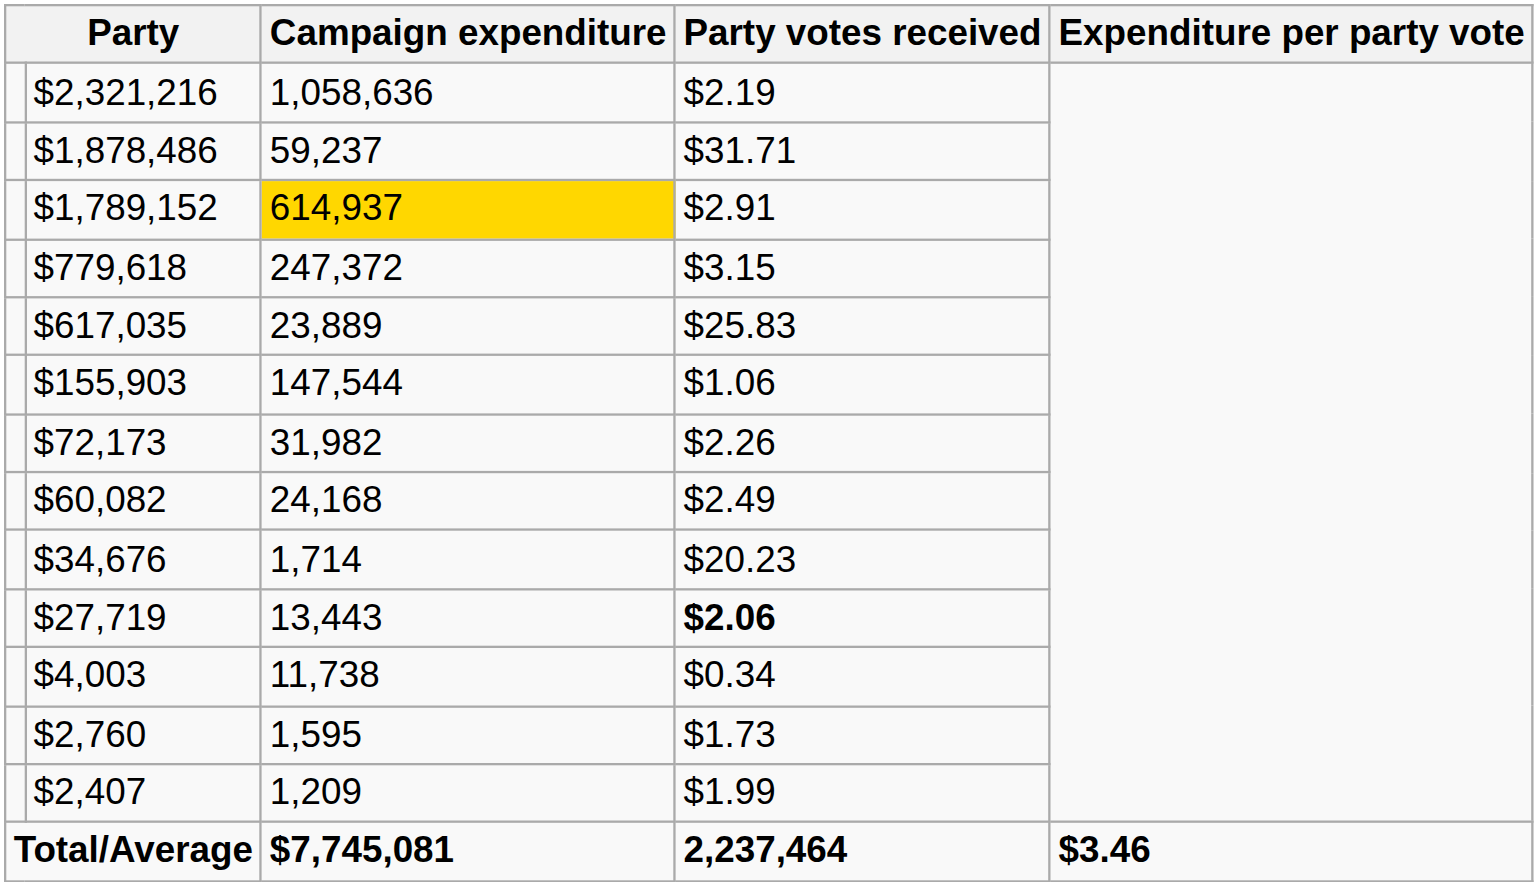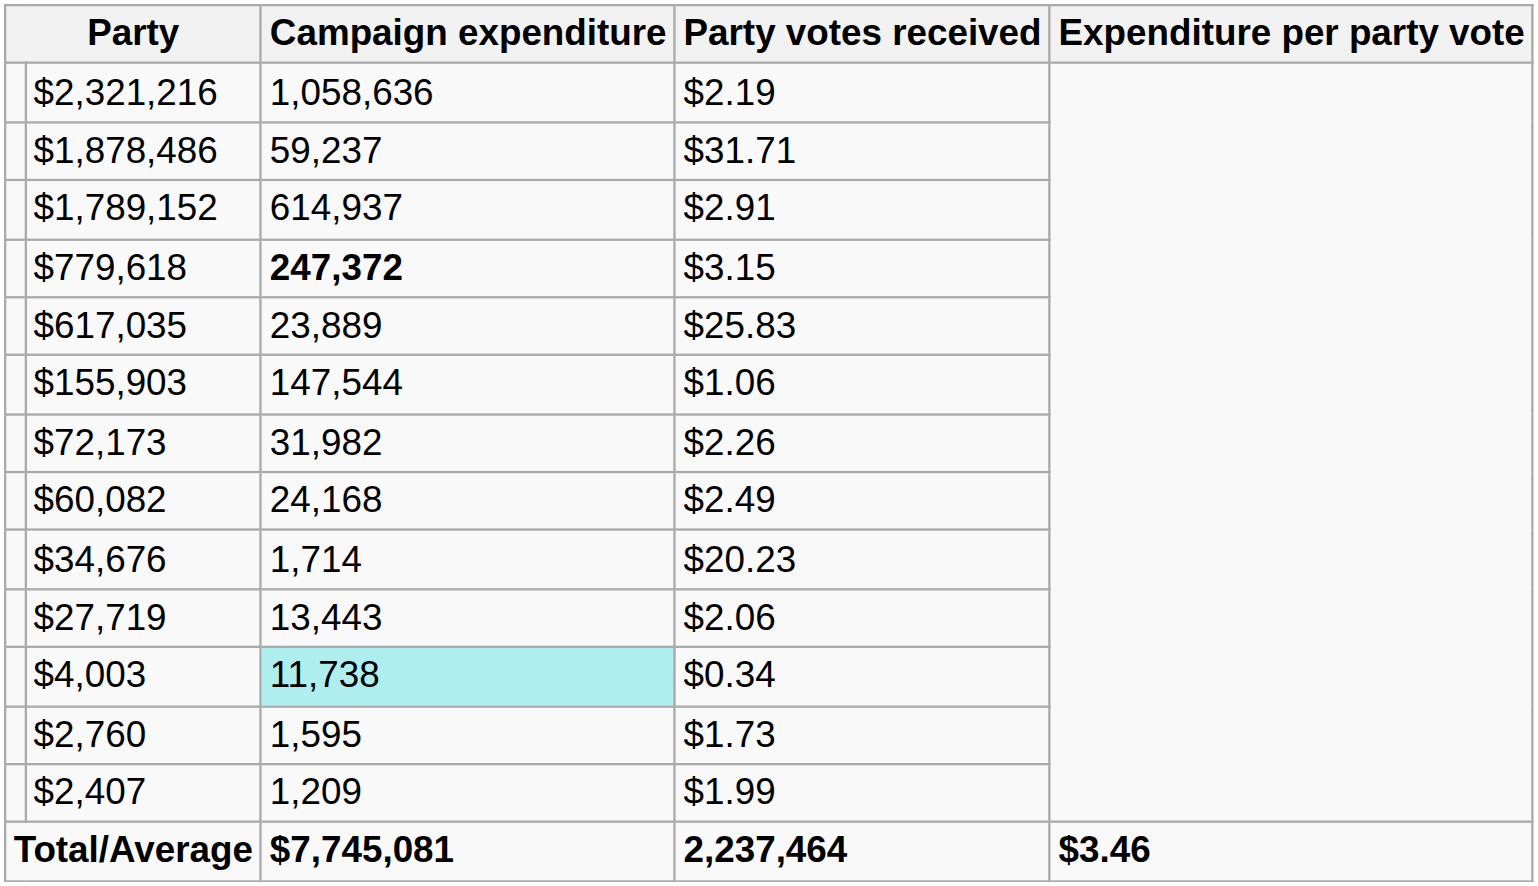 <table class="wikitable">
 <tr>
 <th colspan=2>Party</th>
 <th>Campaign expenditure</th>
 <th>Party votes received</th>
 <th>Expenditure per party vote</th>
 </tr>
 <tr>
 <td></td>
 <td>$2,321,216</td>
 <td>1,058,636</td>
 <td>$2.19</td>
 </tr>
 <tr>
 <td></td>
 <td>$1,878,486</td>
 <td>59,237</td>
 <td>$31.71</td>
 </tr>
 <tr>
 <td></td>
 <td>$1,789,152</td>
-<td style="background: gold;">614,937</td>
+<td>614,937</td>
 <td>$2.91</td>
 </tr>
 <tr>
 <td></td>
 <td>$779,618</td>
-<td>247,372</td>
+<td><strong>247,372</strong></td>
 <td>$3.15</td>
 </tr>
 <tr>
 <td></td>
 <td>$617,035</td>
 <td>23,889</td>
 <td>$25.83</td>
 </tr>
 <tr>
 <td></td>
 <td>$155,903</td>
 <td>147,544</td>
 <td>$1.06</td>
 </tr>
 <tr>
 <td></td>
 <td>$72,173</td>
 <td>31,982</td>
 <td>$2.26</td>
 </tr>
 <tr>
 <td></td>
 <td>$60,082</td>
 <td>24,168</td>
 <td>$2.49</td>
 </tr>
 <tr>
 <td></td>
 <td>$34,676</td>
 <td>1,714</td>
 <td>$20.23</td>
 </tr>
 <tr>
 <td></td>
 <td>$27,719</td>
 <td>13,443</td>
-<td><strong>$2.06</strong></td>
+<td>$2.06</td>
 </tr>
 <tr>
 <td></td>
 <td>$4,003</td>
-<td>11,738</td>
+<td style="background: paleturquoise;">11,738</td>
 <td>$0.34</td>
 </tr>
 <tr>
 <td></td>
 <td>$2,760</td>
 <td>1,595</td>
 <td>$1.73</td>
 </tr>
 <tr>
 <td></td>
 <td>$2,407</td>
 <td>1,209</td>
 <td>$1.99</td>
 </tr>
 <tr>
 <td colspan=2><strong>Total/Average</strong></td>
 <td><strong>$7,745,081</strong></td>
 <td><strong>2,237,464</strong></td>
 <td><strong>$3.46</strong></td>
 </tr>
 </table>
